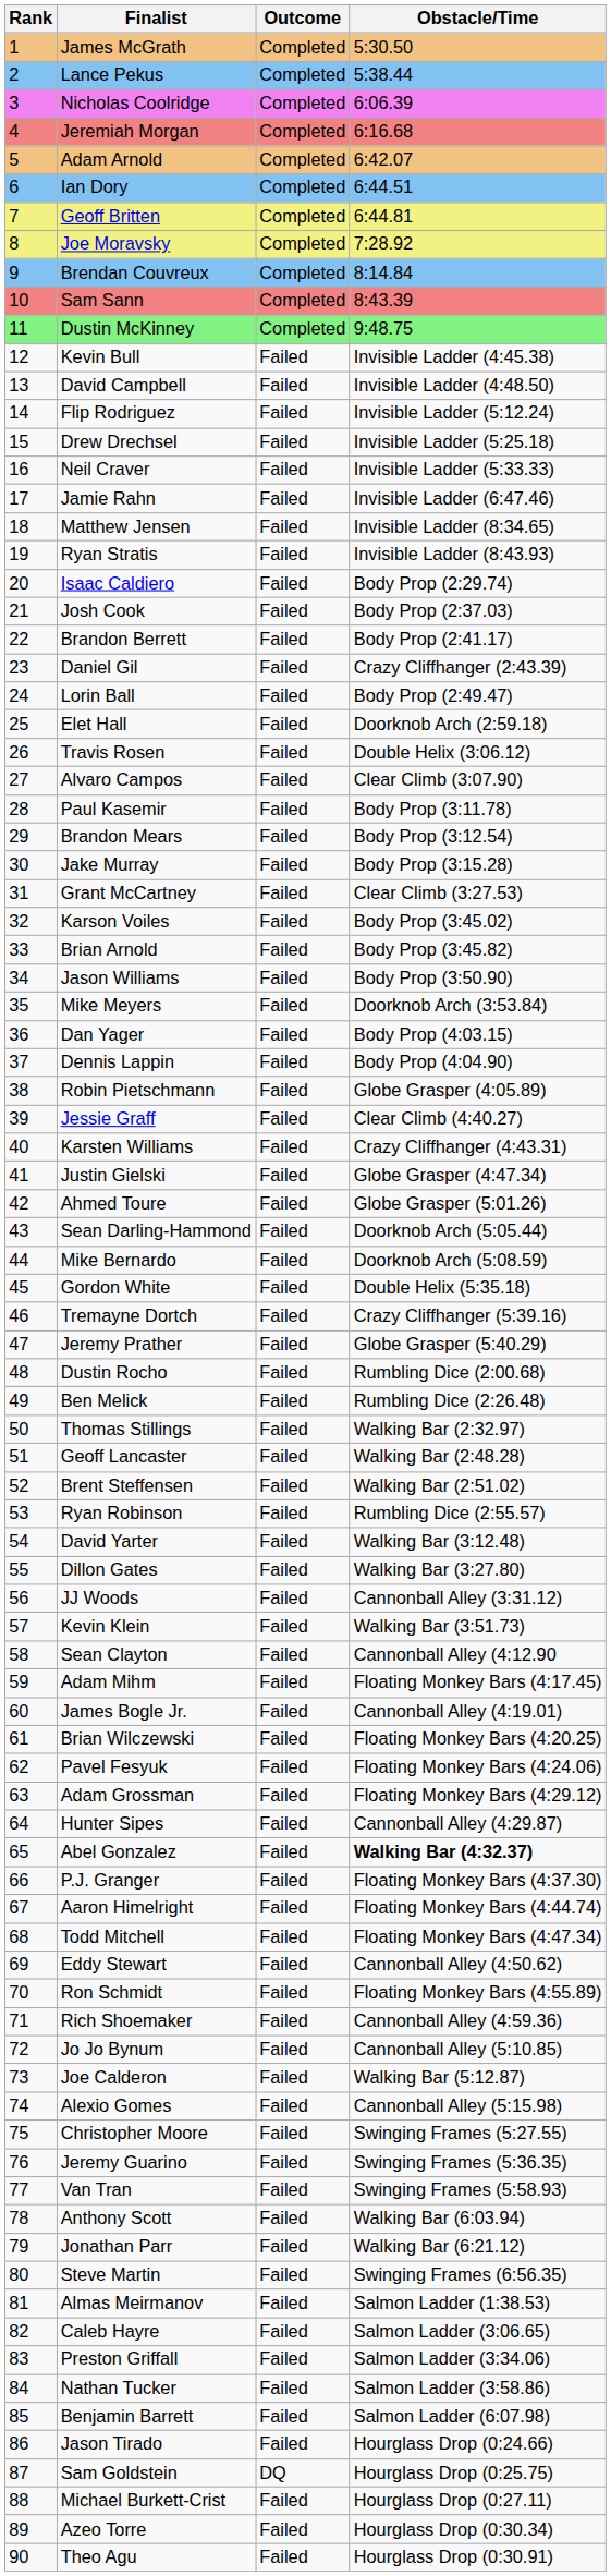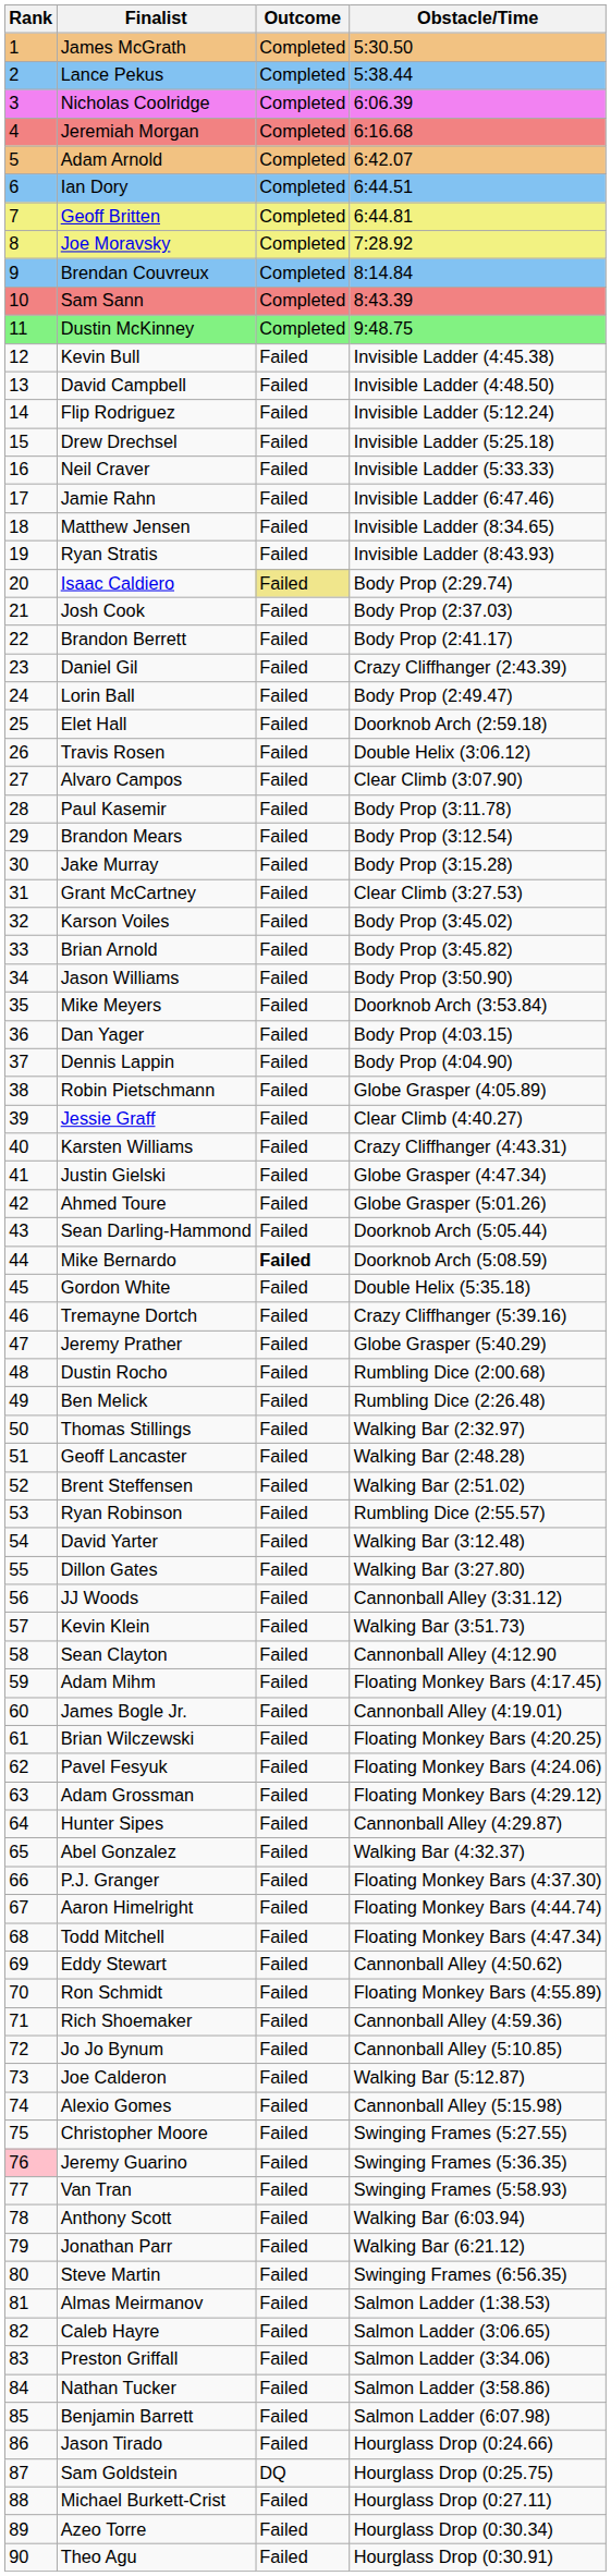 <table class="wikitable">
 <tr>
 <th>Rank</th>
 <th>Finalist</th>
 <th>Outcome</th>
 <th>Obstacle/Time</th>
 </tr>
 <tr style="background-color:#f2c282">
 <td>1</td>
 <td>James McGrath</td>
 <td>Completed</td>
 <td>5:30.50</td>
 </tr>
 <tr style="background-color:#82c2f2">
 <td>2</td>
 <td>Lance Pekus</td>
 <td>Completed</td>
 <td>5:38.44</td>
 </tr>
 <tr style="background-color:#f282f2">
 <td>3</td>
 <td>Nicholas Coolridge</td>
 <td>Completed</td>
 <td>6:06.39</td>
 </tr>
 <tr style="background-color:#f28282">
 <td>4</td>
 <td>Jeremiah Morgan</td>
 <td>Completed</td>
 <td>6:16.68</td>
 </tr>
 <tr style="background-color:#f2c282">
 <td>5</td>
 <td>Adam Arnold</td>
 <td>Completed</td>
 <td>6:42.07</td>
 </tr>
 <tr style="background-color:#82c2f2">
 <td>6</td>
 <td>Ian Dory</td>
 <td>Completed</td>
 <td>6:44.51</td>
 </tr>
 <tr style="background-color:#f2f282">
 <td>7</td>
 <td><a href='#'>Geoff Britten</a></td>
 <td>Completed</td>
 <td>6:44.81</td>
 </tr>
 <tr style="background-color:#f2f282">
 <td>8</td>
 <td><a href='#'>Joe Moravsky</a></td>
 <td>Completed</td>
 <td>7:28.92</td>
 </tr>
 <tr style="background-color:#82c2f2">
 <td>9</td>
 <td>Brendan Couvreux</td>
 <td>Completed</td>
 <td>8:14.84</td>
 </tr>
 <tr style="background-color:#f28282">
 <td>10</td>
 <td>Sam Sann</td>
 <td>Completed</td>
 <td>8:43.39</td>
 </tr>
 <tr style="background-color:#82f282">
 <td>11</td>
 <td>Dustin McKinney</td>
 <td>Completed</td>
 <td>9:48.75</td>
 </tr>
 <tr>
 <td>12</td>
 <td>Kevin Bull</td>
 <td>Failed</td>
 <td>Invisible Ladder (4:45.38)</td>
 </tr>
 <tr>
 <td>13</td>
 <td>David Campbell</td>
 <td>Failed</td>
 <td>Invisible Ladder (4:48.50)</td>
 </tr>
 <tr>
 <td>14</td>
 <td>Flip Rodriguez</td>
 <td>Failed</td>
 <td>Invisible Ladder (5:12.24)</td>
 </tr>
 <tr>
 <td>15</td>
 <td>Drew Drechsel</td>
 <td>Failed</td>
 <td>Invisible Ladder (5:25.18)</td>
 </tr>
 <tr>
 <td>16</td>
 <td>Neil Craver</td>
 <td>Failed</td>
 <td>Invisible Ladder (5:33.33)</td>
 </tr>
 <tr>
 <td>17</td>
 <td>Jamie Rahn</td>
 <td>Failed</td>
 <td>Invisible Ladder (6:47.46)</td>
 </tr>
 <tr>
 <td>18</td>
 <td>Matthew Jensen</td>
 <td>Failed</td>
 <td>Invisible Ladder (8:34.65)</td>
 </tr>
 <tr>
 <td>19</td>
 <td>Ryan Stratis</td>
 <td>Failed</td>
 <td>Invisible Ladder (8:43.93)</td>
 </tr>
 <tr>
 <td>20</td>
 <td><a href='#'>Isaac Caldiero</a></td>
-<td>Failed</td>
+<td style="background: khaki;">Failed</td>
 <td>Body Prop (2:29.74)</td>
 </tr>
 <tr>
 <td>21</td>
 <td>Josh Cook</td>
 <td>Failed</td>
 <td>Body Prop (2:37.03)</td>
 </tr>
 <tr>
 <td>22</td>
 <td>Brandon Berrett</td>
 <td>Failed</td>
 <td>Body Prop (2:41.17)</td>
 </tr>
 <tr>
 <td>23</td>
 <td>Daniel Gil</td>
 <td>Failed</td>
 <td>Crazy Cliffhanger (2:43.39)</td>
 </tr>
 <tr>
 <td>24</td>
 <td>Lorin Ball</td>
 <td>Failed</td>
 <td>Body Prop (2:49.47)</td>
 </tr>
 <tr>
 <td>25</td>
 <td>Elet Hall</td>
 <td>Failed</td>
 <td>Doorknob Arch (2:59.18)</td>
 </tr>
 <tr>
 <td>26</td>
 <td>Travis Rosen</td>
 <td>Failed</td>
 <td>Double Helix (3:06.12)</td>
 </tr>
 <tr>
 <td>27</td>
 <td>Alvaro Campos</td>
 <td>Failed</td>
 <td>Clear Climb (3:07.90)</td>
 </tr>
 <tr>
 <td>28</td>
 <td>Paul Kasemir</td>
 <td>Failed</td>
 <td>Body Prop (3:11.78)</td>
 </tr>
 <tr>
 <td>29</td>
 <td>Brandon Mears</td>
 <td>Failed</td>
 <td>Body Prop (3:12.54)</td>
 </tr>
 <tr>
 <td>30</td>
 <td>Jake Murray</td>
 <td>Failed</td>
 <td>Body Prop (3:15.28)</td>
 </tr>
 <tr>
 <td>31</td>
 <td>Grant McCartney</td>
 <td>Failed</td>
 <td>Clear Climb (3:27.53)</td>
 </tr>
 <tr>
 <td>32</td>
 <td>Karson Voiles</td>
 <td>Failed</td>
 <td>Body Prop (3:45.02)</td>
 </tr>
 <tr>
 <td>33</td>
 <td>Brian Arnold</td>
 <td>Failed</td>
 <td>Body Prop (3:45.82)</td>
 </tr>
 <tr>
 <td>34</td>
 <td>Jason Williams</td>
 <td>Failed</td>
 <td>Body Prop (3:50.90)</td>
 </tr>
 <tr>
 <td>35</td>
 <td>Mike Meyers</td>
 <td>Failed</td>
 <td>Doorknob Arch (3:53.84)</td>
 </tr>
 <tr>
 <td>36</td>
 <td>Dan Yager</td>
 <td>Failed</td>
 <td>Body Prop (4:03.15)</td>
 </tr>
 <tr>
 <td>37</td>
 <td>Dennis Lappin</td>
 <td>Failed</td>
 <td>Body Prop (4:04.90)</td>
 </tr>
 <tr>
 <td>38</td>
 <td>Robin Pietschmann</td>
 <td>Failed</td>
 <td>Globe Grasper (4:05.89)</td>
 </tr>
 <tr>
 <td>39</td>
 <td><a href='#'>Jessie Graff</a></td>
 <td>Failed</td>
 <td>Clear Climb (4:40.27)</td>
 </tr>
 <tr>
 <td>40</td>
 <td>Karsten Williams</td>
 <td>Failed</td>
 <td>Crazy Cliffhanger (4:43.31)</td>
 </tr>
 <tr>
 <td>41</td>
 <td>Justin Gielski</td>
 <td>Failed</td>
 <td>Globe Grasper (4:47.34)</td>
 </tr>
 <tr>
 <td>42</td>
 <td>Ahmed Toure</td>
 <td>Failed</td>
 <td>Globe Grasper (5:01.26)</td>
 </tr>
 <tr>
 <td>43</td>
 <td>Sean Darling-Hammond</td>
 <td>Failed</td>
 <td>Doorknob Arch (5:05.44)</td>
 </tr>
 <tr>
 <td>44</td>
 <td>Mike Bernardo</td>
-<td>Failed</td>
+<td><strong>Failed</strong></td>
 <td>Doorknob Arch (5:08.59)</td>
 </tr>
 <tr>
 <td>45</td>
 <td>Gordon White</td>
 <td>Failed</td>
 <td>Double Helix (5:35.18)</td>
 </tr>
 <tr>
 <td>46</td>
 <td>Tremayne Dortch</td>
 <td>Failed</td>
 <td>Crazy Cliffhanger (5:39.16)</td>
 </tr>
 <tr>
 <td>47</td>
 <td>Jeremy Prather</td>
 <td>Failed</td>
 <td>Globe Grasper (5:40.29)</td>
 </tr>
 <tr>
 <td>48</td>
 <td>Dustin Rocho</td>
 <td>Failed</td>
 <td>Rumbling Dice (2:00.68)</td>
 </tr>
 <tr>
 <td>49</td>
 <td>Ben Melick</td>
 <td>Failed</td>
 <td>Rumbling Dice (2:26.48)</td>
 </tr>
 <tr>
 <td>50</td>
 <td>Thomas Stillings</td>
 <td>Failed</td>
 <td>Walking Bar (2:32.97)</td>
 </tr>
 <tr>
 <td>51</td>
 <td>Geoff Lancaster</td>
 <td>Failed</td>
 <td>Walking Bar (2:48.28)</td>
 </tr>
 <tr>
 <td>52</td>
 <td>Brent Steffensen</td>
 <td>Failed</td>
 <td>Walking Bar (2:51.02)</td>
 </tr>
 <tr>
 <td>53</td>
 <td>Ryan Robinson</td>
 <td>Failed</td>
 <td>Rumbling Dice (2:55.57)</td>
 </tr>
 <tr>
 <td>54</td>
 <td>David Yarter</td>
 <td>Failed</td>
 <td>Walking Bar (3:12.48)</td>
 </tr>
 <tr>
 <td>55</td>
 <td>Dillon Gates</td>
 <td>Failed</td>
 <td>Walking Bar (3:27.80)</td>
 </tr>
 <tr>
 <td>56</td>
 <td>JJ Woods</td>
 <td>Failed</td>
 <td>Cannonball Alley (3:31.12)</td>
 </tr>
 <tr>
 <td>57</td>
 <td>Kevin Klein</td>
 <td>Failed</td>
 <td>Walking Bar (3:51.73)</td>
 </tr>
 <tr>
 <td>58</td>
 <td>Sean Clayton</td>
 <td>Failed</td>
 <td>Cannonball Alley (4:12.90</td>
 </tr>
 <tr>
 <td>59</td>
 <td>Adam Mihm</td>
 <td>Failed</td>
 <td>Floating Monkey Bars (4:17.45)</td>
 </tr>
 <tr>
 <td>60</td>
 <td>James Bogle Jr.</td>
 <td>Failed</td>
 <td>Cannonball Alley (4:19.01)</td>
 </tr>
 <tr>
 <td>61</td>
 <td>Brian Wilczewski</td>
 <td>Failed</td>
 <td>Floating Monkey Bars (4:20.25)</td>
 </tr>
 <tr>
 <td>62</td>
 <td>Pavel Fesyuk</td>
 <td>Failed</td>
 <td>Floating Monkey Bars (4:24.06)</td>
 </tr>
 <tr>
 <td>63</td>
 <td>Adam Grossman</td>
 <td>Failed</td>
 <td>Floating Monkey Bars (4:29.12)</td>
 </tr>
 <tr>
 <td>64</td>
 <td>Hunter Sipes</td>
 <td>Failed</td>
 <td>Cannonball Alley (4:29.87)</td>
 </tr>
 <tr>
 <td>65</td>
 <td>Abel Gonzalez</td>
 <td>Failed</td>
-<td><strong>Walking Bar (4:32.37)</strong></td>
+<td>Walking Bar (4:32.37)</td>
 </tr>
 <tr>
 <td>66</td>
 <td>P.J. Granger</td>
 <td>Failed</td>
 <td>Floating Monkey Bars (4:37.30)</td>
 </tr>
 <tr>
 <td>67</td>
 <td>Aaron Himelright</td>
 <td>Failed</td>
 <td>Floating Monkey Bars (4:44.74)</td>
 </tr>
 <tr>
 <td>68</td>
 <td>Todd Mitchell</td>
 <td>Failed</td>
 <td>Floating Monkey Bars (4:47.34)</td>
 </tr>
 <tr>
 <td>69</td>
 <td>Eddy Stewart</td>
 <td>Failed</td>
 <td>Cannonball Alley (4:50.62)</td>
 </tr>
 <tr>
 <td>70</td>
 <td>Ron Schmidt</td>
 <td>Failed</td>
 <td>Floating Monkey Bars (4:55.89)</td>
 </tr>
 <tr>
 <td>71</td>
 <td>Rich Shoemaker</td>
 <td>Failed</td>
 <td>Cannonball Alley (4:59.36)</td>
 </tr>
 <tr>
 <td>72</td>
 <td>Jo Jo Bynum</td>
 <td>Failed</td>
 <td>Cannonball Alley (5:10.85)</td>
 </tr>
 <tr>
 <td>73</td>
 <td>Joe Calderon</td>
 <td>Failed</td>
 <td>Walking Bar (5:12.87)</td>
 </tr>
 <tr>
 <td>74</td>
 <td>Alexio Gomes</td>
 <td>Failed</td>
 <td>Cannonball Alley (5:15.98)</td>
 </tr>
 <tr>
 <td>75</td>
 <td>Christopher Moore</td>
 <td>Failed</td>
 <td>Swinging Frames (5:27.55)</td>
 </tr>
 <tr>
-<td>76</td>
+<td style="background: pink;">76</td>
 <td>Jeremy Guarino</td>
 <td>Failed</td>
 <td>Swinging Frames (5:36.35)</td>
 </tr>
 <tr>
 <td>77</td>
 <td>Van Tran</td>
 <td>Failed</td>
 <td>Swinging Frames (5:58.93)</td>
 </tr>
 <tr>
 <td>78</td>
 <td>Anthony Scott</td>
 <td>Failed</td>
 <td>Walking Bar (6:03.94)</td>
 </tr>
 <tr>
 <td>79</td>
 <td>Jonathan Parr</td>
 <td>Failed</td>
 <td>Walking Bar (6:21.12)</td>
 </tr>
 <tr>
 <td>80</td>
 <td>Steve Martin</td>
 <td>Failed</td>
 <td>Swinging Frames (6:56.35)</td>
 </tr>
 <tr>
 <td>81</td>
 <td>Almas Meirmanov</td>
 <td>Failed</td>
 <td>Salmon Ladder (1:38.53)</td>
 </tr>
 <tr>
 <td>82</td>
 <td>Caleb Hayre</td>
 <td>Failed</td>
 <td>Salmon Ladder (3:06.65)</td>
 </tr>
 <tr>
 <td>83</td>
 <td>Preston Griffall</td>
 <td>Failed</td>
 <td>Salmon Ladder (3:34.06)</td>
 </tr>
 <tr>
 <td>84</td>
 <td>Nathan Tucker</td>
 <td>Failed</td>
 <td>Salmon Ladder (3:58.86)</td>
 </tr>
 <tr>
 <td>85</td>
 <td>Benjamin Barrett</td>
 <td>Failed</td>
 <td>Salmon Ladder (6:07.98)</td>
 </tr>
 <tr>
 <td>86</td>
 <td>Jason Tirado</td>
 <td>Failed</td>
 <td>Hourglass Drop (0:24.66)</td>
 </tr>
 <tr>
 <td>87</td>
 <td>Sam Goldstein</td>
 <td>DQ</td>
 <td>Hourglass Drop (0:25.75)</td>
 </tr>
 <tr>
 <td>88</td>
 <td>Michael Burkett-Crist</td>
 <td>Failed</td>
 <td>Hourglass Drop (0:27.11)</td>
 </tr>
 <tr>
 <td>89</td>
 <td>Azeo Torre</td>
 <td>Failed</td>
 <td>Hourglass Drop (0:30.34)</td>
 </tr>
 <tr>
 <td>90</td>
 <td>Theo Agu</td>
 <td>Failed</td>
 <td>Hourglass Drop (0:30.91)</td>
 </tr>
 </table>
